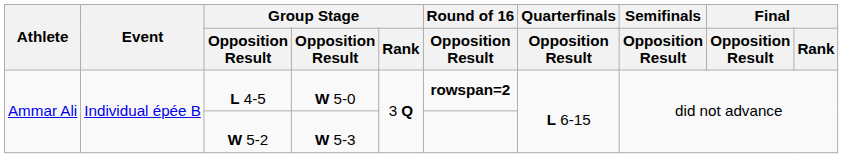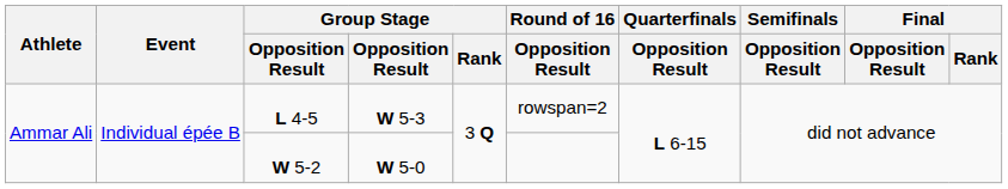 <table class=wikitable>
 <tr>
 <th rowspan="2">Athlete</th>
 <th rowspan="2">Event</th>
 <th colspan="3">Group Stage</th>
 <th>Round of 16</th>
 <th>Quarterfinals</th>
 <th>Semifinals</th>
 <th colspan="2">Final</th>
 </tr>
 <tr>
 <th>Opposition<br>Result</th>
 <th>Opposition<br>Result</th>
 <th>Rank</th>
 <th>Opposition<br>Result</th>
 <th>Opposition<br>Result</th>
 <th>Opposition<br>Result</th>
 <th>Opposition<br>Result</th>
 <th>Rank</th>
 </tr>
 <tr align=center>
 <td align=left rowspan=2><a href='#'>Ammar Ali</a></td>
 <td align=left rowspan=2><a href='#'>Individual épée B</a></td>
 <td> <br> <strong>L</strong> 4-5</td>
-<td> <br> <strong>W</strong> 5-0</td>
+<td> <br> <strong>W</strong> 5-3</td>
 <td rowspan=2>3 <strong>Q</strong></td>
-<td><strong>rowspan=2 </strong></td>
+<td>rowspan=2 </td>
 <td rowspan=2> <br> <strong>L</strong> 6-15</td>
 <td colspan=3 rowspan=2>did not advance</td>
 </tr>
 <tr align=center>
 <td> <br> <strong>W</strong> 5-2</td>
-<td> <br> <strong>W</strong> 5-3</td>
+<td> <br> <strong>W</strong> 5-0</td>
 </tr>
 </table>
